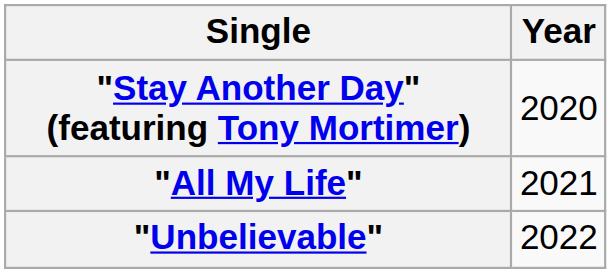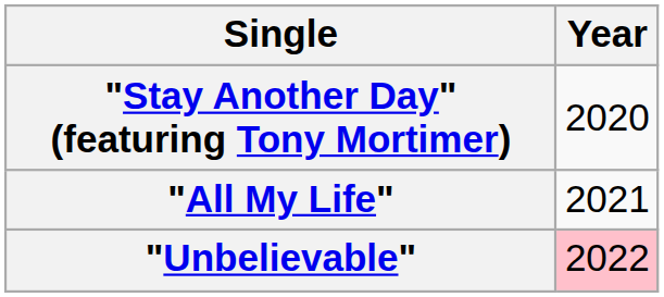 <table class="wikitable plainrowheaders" style="text-align:center;">
 <tr>
 <th style="width:14em;">Single</th>
 <th>Year</th>
 </tr>
 <tr>
 <th scope="row">"<a href='#'>Stay Another Day</a>"<br><span> (featuring <a href='#'>Tony Mortimer</a>)</span></th>
 <td>2020</td>
 </tr>
 <tr>
 <th scope="row">"<a href='#'>All My Life</a>"</th>
 <td>2021</td>
 </tr>
 <tr>
 <th scope="row">"<a href='#'>Unbelievable</a>"</th>
-<td>2022</td>
+<td style="background: pink;">2022</td>
 </tr>
 </table>
